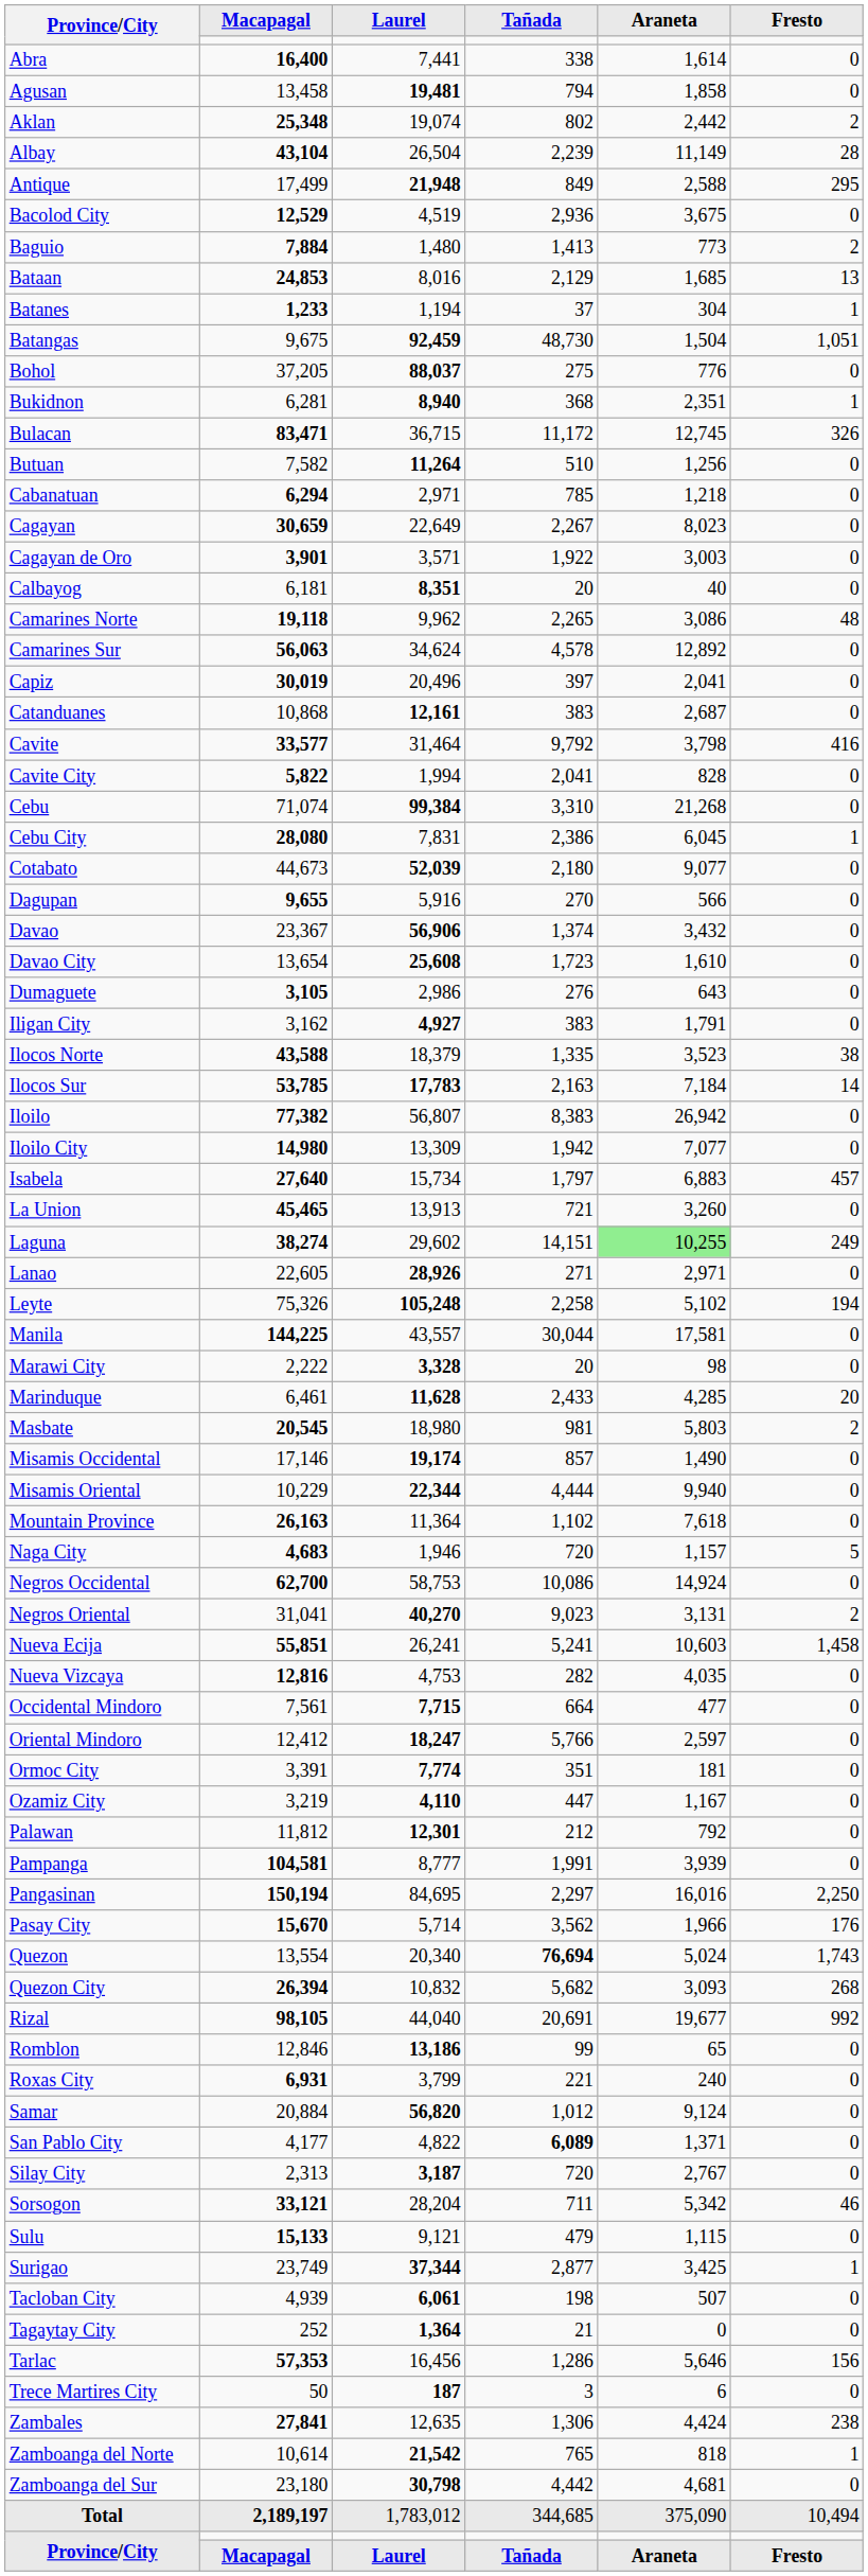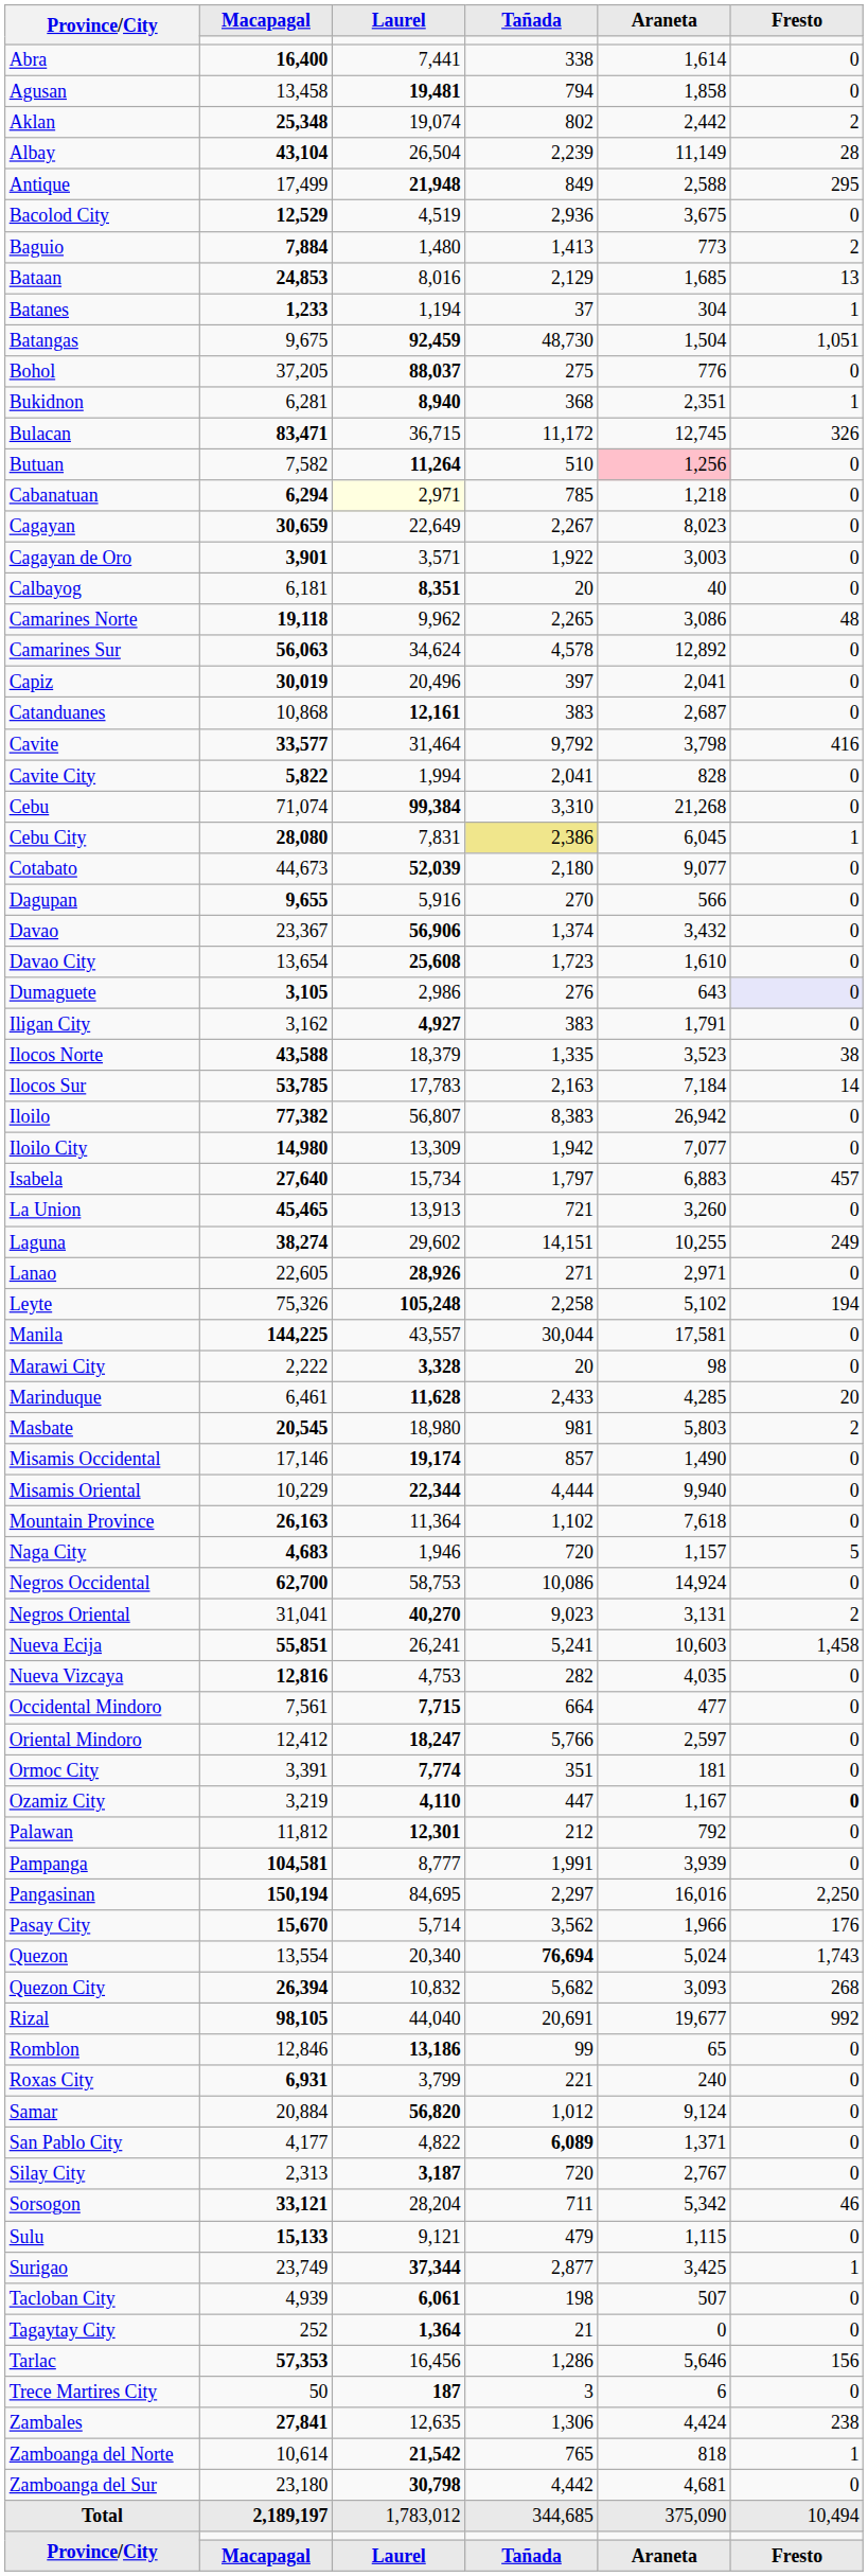 <table class="wikitable" style="text-align:right; font-size:95%">
 <tr>
 <th rowspan="2" align="left" width="150px"><a href='#'>Province</a>/<a href='#'>City</a></th>
 <th align="center" width="100px" style="background: #E9E9E9"><a href='#'>Macapagal</a></th>
 <th align="center" width="100px" style="background: #E9E9E9"><a href='#'>Laurel</a></th>
 <th align="center" width="100px" style="background: #E9E9E9"><a href='#'>Tañada</a></th>
 <th align="center" width="100px" style="background: #E9E9E9">Araneta</th>
 <th align="center" width="100px" style="background: #E9E9E9">Fresto</th>
 </tr>
 <tr>
 <td></td>
 <td></td>
 <td></td>
 <td></td>
 <td></td>
 </tr>
 <tr>
 <td align="left"><a href='#'>Abra</a></td>
 <td><strong>16,400</strong></td>
 <td>7,441</td>
 <td>338</td>
 <td>1,614</td>
 <td>0</td>
 </tr>
 <tr>
 <td align="left"><a href='#'>Agusan</a></td>
 <td>13,458</td>
 <td><strong>19,481</strong></td>
 <td>794</td>
 <td>1,858</td>
 <td>0</td>
 </tr>
 <tr>
 <td align="left"><a href='#'>Aklan</a></td>
 <td><strong>25,348</strong></td>
 <td>19,074</td>
 <td>802</td>
 <td>2,442</td>
 <td>2</td>
 </tr>
 <tr>
 <td align="left"><a href='#'>Albay</a></td>
 <td><strong>43,104</strong></td>
 <td>26,504</td>
 <td>2,239</td>
 <td>11,149</td>
 <td>28</td>
 </tr>
 <tr>
 <td align="left"><a href='#'>Antique</a></td>
 <td>17,499</td>
 <td><strong>21,948</strong></td>
 <td>849</td>
 <td>2,588</td>
 <td>295</td>
 </tr>
 <tr>
 <td align="left"><a href='#'>Bacolod City</a></td>
 <td><strong>12,529</strong></td>
 <td>4,519</td>
 <td>2,936</td>
 <td>3,675</td>
 <td>0</td>
 </tr>
 <tr>
 <td align="left"><a href='#'>Baguio</a></td>
 <td><strong>7,884</strong></td>
 <td>1,480</td>
 <td>1,413</td>
 <td>773</td>
 <td>2</td>
 </tr>
 <tr>
 <td align="left"><a href='#'>Bataan</a></td>
 <td><strong>24,853</strong></td>
 <td>8,016</td>
 <td>2,129</td>
 <td>1,685</td>
 <td>13</td>
 </tr>
 <tr>
 <td align="left"><a href='#'>Batanes</a></td>
 <td><strong>1,233</strong></td>
 <td>1,194</td>
 <td>37</td>
 <td>304</td>
 <td>1</td>
 </tr>
 <tr>
 <td align="left"><a href='#'>Batangas</a></td>
 <td>9,675</td>
 <td><strong>92,459</strong></td>
 <td>48,730</td>
 <td>1,504</td>
 <td>1,051</td>
 </tr>
 <tr>
 <td align="left"><a href='#'>Bohol</a></td>
 <td>37,205</td>
 <td><strong>88,037</strong></td>
 <td>275</td>
 <td>776</td>
 <td>0</td>
 </tr>
 <tr>
 <td align="left"><a href='#'>Bukidnon</a></td>
 <td>6,281</td>
 <td><strong>8,940</strong></td>
 <td>368</td>
 <td>2,351</td>
 <td>1</td>
 </tr>
 <tr>
 <td align="left"><a href='#'>Bulacan</a></td>
 <td><strong>83,471</strong></td>
 <td>36,715</td>
 <td>11,172</td>
 <td>12,745</td>
 <td>326</td>
 </tr>
 <tr>
 <td align="left"><a href='#'>Butuan</a></td>
 <td>7,582</td>
 <td><strong>11,264</strong></td>
 <td>510</td>
-<td>1,256</td>
+<td style="background: pink;">1,256</td>
 <td>0</td>
 </tr>
 <tr>
 <td align="left"><a href='#'>Cabanatuan</a></td>
 <td><strong>6,294</strong></td>
-<td>2,971</td>
+<td style="background: lightyellow;">2,971</td>
 <td>785</td>
 <td>1,218</td>
 <td>0</td>
 </tr>
 <tr>
 <td align="left"><a href='#'>Cagayan</a></td>
 <td><strong>30,659</strong></td>
 <td>22,649</td>
 <td>2,267</td>
 <td>8,023</td>
 <td>0</td>
 </tr>
 <tr>
 <td align="left"><a href='#'>Cagayan de Oro</a></td>
 <td><strong>3,901</strong></td>
 <td>3,571</td>
 <td>1,922</td>
 <td>3,003</td>
 <td>0</td>
 </tr>
 <tr>
 <td align="left"><a href='#'>Calbayog</a></td>
 <td>6,181</td>
 <td><strong>8,351</strong></td>
 <td>20</td>
 <td>40</td>
 <td>0</td>
 </tr>
 <tr>
 <td align="left"><a href='#'>Camarines Norte</a></td>
 <td><strong>19,118</strong></td>
 <td>9,962</td>
 <td>2,265</td>
 <td>3,086</td>
 <td>48</td>
 </tr>
 <tr>
 <td align="left"><a href='#'>Camarines Sur</a></td>
 <td><strong>56,063</strong></td>
 <td>34,624</td>
 <td>4,578</td>
 <td>12,892</td>
 <td>0</td>
 </tr>
 <tr>
 <td align="left"><a href='#'>Capiz</a></td>
 <td><strong>30,019</strong></td>
 <td>20,496</td>
 <td>397</td>
 <td>2,041</td>
 <td>0</td>
 </tr>
 <tr>
 <td align="left"><a href='#'>Catanduanes</a></td>
 <td>10,868</td>
 <td><strong>12,161</strong></td>
 <td>383</td>
 <td>2,687</td>
 <td>0</td>
 </tr>
 <tr>
 <td align="left"><a href='#'>Cavite</a></td>
 <td><strong>33,577</strong></td>
 <td>31,464</td>
 <td>9,792</td>
 <td>3,798</td>
 <td>416</td>
 </tr>
 <tr>
 <td align="left"><a href='#'>Cavite City</a></td>
 <td><strong>5,822</strong></td>
 <td>1,994</td>
 <td>2,041</td>
 <td>828</td>
 <td>0</td>
 </tr>
 <tr>
 <td align="left"><a href='#'>Cebu</a></td>
 <td>71,074</td>
 <td><strong>99,384</strong></td>
 <td>3,310</td>
 <td>21,268</td>
 <td>0</td>
 </tr>
 <tr>
 <td align="left"><a href='#'>Cebu City</a></td>
 <td><strong>28,080</strong></td>
 <td>7,831</td>
-<td>2,386</td>
+<td style="background: khaki;">2,386</td>
 <td>6,045</td>
 <td>1</td>
 </tr>
 <tr>
 <td align="left"><a href='#'>Cotabato</a></td>
 <td>44,673</td>
 <td><strong>52,039</strong></td>
 <td>2,180</td>
 <td>9,077</td>
 <td>0</td>
 </tr>
 <tr>
 <td align="left"><a href='#'>Dagupan</a></td>
 <td><strong>9,655</strong></td>
 <td>5,916</td>
 <td>270</td>
 <td>566</td>
 <td>0</td>
 </tr>
 <tr>
 <td align="left"><a href='#'>Davao</a></td>
 <td>23,367</td>
 <td><strong>56,906</strong></td>
 <td>1,374</td>
 <td>3,432</td>
 <td>0</td>
 </tr>
 <tr>
 <td align="left"><a href='#'>Davao City</a></td>
 <td>13,654</td>
 <td><strong>25,608</strong></td>
 <td>1,723</td>
 <td>1,610</td>
 <td>0</td>
 </tr>
 <tr>
 <td align="left"><a href='#'>Dumaguete</a></td>
 <td><strong>3,105</strong></td>
 <td>2,986</td>
 <td>276</td>
 <td>643</td>
-<td>0</td>
+<td style="background: lavender;">0</td>
 </tr>
 <tr>
 <td align="left"><a href='#'>Iligan City</a></td>
 <td>3,162</td>
 <td><strong>4,927</strong></td>
 <td>383</td>
 <td>1,791</td>
 <td>0</td>
 </tr>
 <tr>
 <td align="left"><a href='#'>Ilocos Norte</a></td>
 <td><strong>43,588</strong></td>
 <td>18,379</td>
 <td>1,335</td>
 <td>3,523</td>
 <td>38</td>
 </tr>
 <tr>
 <td align="left"><a href='#'>Ilocos Sur</a></td>
 <td><strong>53,785</strong></td>
-<td><strong>17,783</strong></td>
+<td>17,783</td>
 <td>2,163</td>
 <td>7,184</td>
 <td>14</td>
 </tr>
 <tr>
 <td align="left"><a href='#'>Iloilo</a></td>
 <td><strong>77,382</strong></td>
 <td>56,807</td>
 <td>8,383</td>
 <td>26,942</td>
 <td>0</td>
 </tr>
 <tr>
 <td align="left"><a href='#'>Iloilo City</a></td>
 <td><strong>14,980</strong></td>
 <td>13,309</td>
 <td>1,942</td>
 <td>7,077</td>
 <td>0</td>
 </tr>
 <tr>
 <td align="left"><a href='#'>Isabela</a></td>
 <td><strong>27,640</strong></td>
 <td>15,734</td>
 <td>1,797</td>
 <td>6,883</td>
 <td>457</td>
 </tr>
 <tr>
 <td align="left"><a href='#'>La Union</a></td>
 <td><strong>45,465</strong></td>
 <td>13,913</td>
 <td>721</td>
 <td>3,260</td>
 <td>0</td>
 </tr>
 <tr>
 <td align="left"><a href='#'>Laguna</a></td>
 <td><strong>38,274</strong></td>
 <td>29,602</td>
 <td>14,151</td>
-<td style="background: lightgreen;">10,255</td>
+<td>10,255</td>
 <td>249</td>
 </tr>
 <tr>
 <td align="left"><a href='#'>Lanao</a></td>
 <td>22,605</td>
 <td><strong>28,926</strong></td>
 <td>271</td>
 <td>2,971</td>
 <td>0</td>
 </tr>
 <tr>
 <td align="left"><a href='#'>Leyte</a></td>
 <td>75,326</td>
 <td><strong>105,248</strong></td>
 <td>2,258</td>
 <td>5,102</td>
 <td>194</td>
 </tr>
 <tr>
 <td align="left"><a href='#'>Manila</a></td>
 <td><strong>144,225</strong></td>
 <td>43,557</td>
 <td>30,044</td>
 <td>17,581</td>
 <td>0</td>
 </tr>
 <tr>
 <td align="left"><a href='#'>Marawi City</a></td>
 <td>2,222</td>
 <td><strong>3,328</strong></td>
 <td>20</td>
 <td>98</td>
 <td>0</td>
 </tr>
 <tr>
 <td align="left"><a href='#'>Marinduque</a></td>
 <td>6,461</td>
 <td><strong>11,628</strong></td>
 <td>2,433</td>
 <td>4,285</td>
 <td>20</td>
 </tr>
 <tr>
 <td align="left"><a href='#'>Masbate</a></td>
 <td><strong>20,545</strong></td>
 <td>18,980</td>
 <td>981</td>
 <td>5,803</td>
 <td>2</td>
 </tr>
 <tr>
 <td align="left"><a href='#'>Misamis Occidental</a></td>
 <td>17,146</td>
 <td><strong>19,174</strong></td>
 <td>857</td>
 <td>1,490</td>
 <td>0</td>
 </tr>
 <tr>
 <td align="left"><a href='#'>Misamis Oriental</a></td>
 <td>10,229</td>
 <td><strong>22,344</strong></td>
 <td>4,444</td>
 <td>9,940</td>
 <td>0</td>
 </tr>
 <tr>
 <td align="left"><a href='#'>Mountain Province</a></td>
 <td><strong>26,163</strong></td>
 <td>11,364</td>
 <td>1,102</td>
 <td>7,618</td>
 <td>0</td>
 </tr>
 <tr>
 <td align="left"><a href='#'>Naga City</a></td>
 <td><strong>4,683</strong></td>
 <td>1,946</td>
 <td>720</td>
 <td>1,157</td>
 <td>5</td>
 </tr>
 <tr>
 <td align="left"><a href='#'>Negros Occidental</a></td>
 <td><strong>62,700</strong></td>
 <td>58,753</td>
 <td>10,086</td>
 <td>14,924</td>
 <td>0</td>
 </tr>
 <tr>
 <td align="left"><a href='#'>Negros Oriental</a></td>
 <td>31,041</td>
 <td><strong>40,270</strong></td>
 <td>9,023</td>
 <td>3,131</td>
 <td>2</td>
 </tr>
 <tr>
 <td align="left"><a href='#'>Nueva Ecija</a></td>
 <td><strong>55,851</strong></td>
 <td>26,241</td>
 <td>5,241</td>
 <td>10,603</td>
 <td>1,458</td>
 </tr>
 <tr>
 <td align="left"><a href='#'>Nueva Vizcaya</a></td>
 <td><strong>12,816</strong></td>
 <td>4,753</td>
 <td>282</td>
 <td>4,035</td>
 <td>0</td>
 </tr>
 <tr>
 <td align="left"><a href='#'>Occidental Mindoro</a></td>
 <td>7,561</td>
 <td><strong>7,715</strong></td>
 <td>664</td>
 <td>477</td>
 <td>0</td>
 </tr>
 <tr>
 <td align="left"><a href='#'>Oriental Mindoro</a></td>
 <td>12,412</td>
 <td><strong>18,247</strong></td>
 <td>5,766</td>
 <td>2,597</td>
 <td>0</td>
 </tr>
 <tr>
 <td align="left"><a href='#'>Ormoc City</a></td>
 <td>3,391</td>
 <td><strong>7,774</strong></td>
 <td>351</td>
 <td>181</td>
 <td>0</td>
 </tr>
 <tr>
 <td align="left"><a href='#'>Ozamiz City</a></td>
 <td>3,219</td>
 <td><strong>4,110</strong></td>
 <td>447</td>
 <td>1,167</td>
-<td>0</td>
+<td><strong>0</strong></td>
 </tr>
 <tr>
 <td align="left"><a href='#'>Palawan</a></td>
 <td>11,812</td>
 <td><strong>12,301</strong></td>
 <td>212</td>
 <td>792</td>
 <td>0</td>
 </tr>
 <tr>
 <td align="left"><a href='#'>Pampanga</a></td>
 <td><strong>104,581</strong></td>
 <td>8,777</td>
 <td>1,991</td>
 <td>3,939</td>
 <td>0</td>
 </tr>
 <tr>
 <td align="left"><a href='#'>Pangasinan</a></td>
 <td><strong>150,194</strong></td>
 <td>84,695</td>
 <td>2,297</td>
 <td>16,016</td>
 <td>2,250</td>
 </tr>
 <tr>
 <td align="left"><a href='#'>Pasay City</a></td>
 <td><strong>15,670</strong></td>
 <td>5,714</td>
 <td>3,562</td>
 <td>1,966</td>
 <td>176</td>
 </tr>
 <tr>
 <td align="left"><a href='#'>Quezon</a></td>
 <td>13,554</td>
 <td>20,340</td>
 <td><strong>76,694</strong></td>
 <td>5,024</td>
 <td>1,743</td>
 </tr>
 <tr>
 <td align="left"><a href='#'>Quezon City</a></td>
 <td><strong>26,394</strong></td>
 <td>10,832</td>
 <td>5,682</td>
 <td>3,093</td>
 <td>268</td>
 </tr>
 <tr>
 <td align="left"><a href='#'>Rizal</a></td>
 <td><strong>98,105</strong></td>
 <td>44,040</td>
 <td>20,691</td>
 <td>19,677</td>
 <td>992</td>
 </tr>
 <tr>
 <td align="left"><a href='#'>Romblon</a></td>
 <td>12,846</td>
 <td><strong>13,186</strong></td>
 <td>99</td>
 <td>65</td>
 <td>0</td>
 </tr>
 <tr>
 <td align="left"><a href='#'>Roxas City</a></td>
 <td><strong>6,931</strong></td>
 <td>3,799</td>
 <td>221</td>
 <td>240</td>
 <td>0</td>
 </tr>
 <tr>
 <td align="left"><a href='#'>Samar</a></td>
 <td>20,884</td>
 <td><strong>56,820</strong></td>
 <td>1,012</td>
 <td>9,124</td>
 <td>0</td>
 </tr>
 <tr>
 <td align="left"><a href='#'>San Pablo City</a></td>
 <td>4,177</td>
 <td>4,822</td>
 <td><strong>6,089</strong></td>
 <td>1,371</td>
 <td>0</td>
 </tr>
 <tr>
 <td align="left"><a href='#'>Silay City</a></td>
 <td>2,313</td>
 <td><strong>3,187</strong></td>
 <td>720</td>
 <td>2,767</td>
 <td>0</td>
 </tr>
 <tr>
 <td align="left"><a href='#'>Sorsogon</a></td>
 <td><strong>33,121</strong></td>
 <td>28,204</td>
 <td>711</td>
 <td>5,342</td>
 <td>46</td>
 </tr>
 <tr>
 <td align="left"><a href='#'>Sulu</a></td>
 <td><strong>15,133</strong></td>
 <td>9,121</td>
 <td>479</td>
 <td>1,115</td>
 <td>0</td>
 </tr>
 <tr>
 <td align="left"><a href='#'>Surigao</a></td>
 <td>23,749</td>
 <td><strong>37,344</strong></td>
 <td>2,877</td>
 <td>3,425</td>
 <td>1</td>
 </tr>
 <tr>
 <td align="left"><a href='#'>Tacloban City</a></td>
 <td>4,939</td>
 <td><strong>6,061</strong></td>
 <td>198</td>
 <td>507</td>
 <td>0</td>
 </tr>
 <tr>
 <td align="left"><a href='#'>Tagaytay City</a></td>
 <td>252</td>
 <td><strong>1,364</strong></td>
 <td>21</td>
 <td>0</td>
 <td>0</td>
 </tr>
 <tr>
 <td align="left"><a href='#'>Tarlac</a></td>
 <td><strong>57,353</strong></td>
 <td>16,456</td>
 <td>1,286</td>
 <td>5,646</td>
 <td>156</td>
 </tr>
 <tr>
 <td align="left"><a href='#'>Trece Martires City</a></td>
 <td>50</td>
 <td><strong>187</strong></td>
 <td>3</td>
 <td>6</td>
 <td>0</td>
 </tr>
 <tr>
 <td align="left"><a href='#'>Zambales</a></td>
 <td><strong>27,841</strong></td>
 <td>12,635</td>
 <td>1,306</td>
 <td>4,424</td>
 <td>238</td>
 </tr>
 <tr>
 <td align="left"><a href='#'>Zamboanga del Norte</a></td>
 <td>10,614</td>
 <td><strong>21,542</strong></td>
 <td>765</td>
 <td>818</td>
 <td>1</td>
 </tr>
 <tr>
 <td align="left"><a href='#'>Zamboanga del Sur</a></td>
 <td>23,180</td>
 <td><strong>30,798</strong></td>
 <td>4,442</td>
 <td>4,681</td>
 <td>0</td>
 </tr>
 <tr style="background:#E9E9E9">
 <td align="center"><strong>Total</strong></td>
 <td><strong>2,189,197</strong></td>
 <td>1,783,012</td>
 <td>344,685</td>
 <td>375,090</td>
 <td>10,494</td>
 </tr>
 <tr>
 <th rowspan="2" align="left" width="150px" style="background: #E9E9E9"><a href='#'>Province</a>/<a href='#'>City</a></th>
 <td></td>
 <td></td>
 <td></td>
 <td></td>
 <td></td>
 </tr>
 <tr bgcolor="#cccccc">
 <th align="center" width="100px" style="background: #E9E9E9"><a href='#'>Macapagal</a></th>
 <th align="center" width="100px" style="background: #E9E9E9"><a href='#'>Laurel</a></th>
 <th align="center" width="100px" style="background: #E9E9E9"><a href='#'>Tañada</a></th>
 <th align="center" width="100px" style="background: #E9E9E9">Araneta</th>
 <th align="center" width="100px" style="background: #E9E9E9">Fresto</th>
 </tr>
 </table>
